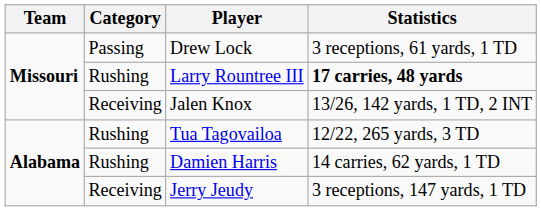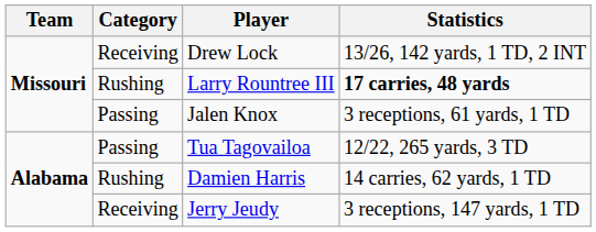 <table class="wikitable" style="float: right;">
 <tr>
 <th>Team</th>
 <th>Category</th>
 <th>Player</th>
 <th>Statistics</th>
 </tr>
 <tr>
 <td rowspan=3><strong>Missouri</strong></td>
-<td>Passing</td>
+<td>Receiving</td>
 <td>Drew Lock</td>
-<td>3 receptions, 61 yards, 1 TD</td>
+<td>13/26, 142 yards, 1 TD, 2 INT</td>
 </tr>
 <tr>
 <td>Rushing</td>
 <td><a href='#'>Larry Rountree III</a></td>
 <td><strong>17 carries, 48 yards</strong></td>
 </tr>
 <tr>
-<td>Receiving</td>
+<td>Passing</td>
 <td>Jalen Knox</td>
-<td>13/26, 142 yards, 1 TD, 2 INT</td>
+<td>3 receptions, 61 yards, 1 TD</td>
 </tr>
 <tr>
 <td rowspan=3><strong>Alabama</strong></td>
-<td>Rushing</td>
+<td>Passing</td>
 <td><a href='#'>Tua Tagovailoa</a></td>
 <td>12/22, 265 yards, 3 TD</td>
 </tr>
 <tr>
 <td>Rushing</td>
 <td><a href='#'>Damien Harris</a></td>
 <td>14 carries, 62 yards, 1 TD</td>
 </tr>
 <tr>
 <td>Receiving</td>
 <td><a href='#'>Jerry Jeudy</a></td>
 <td>3 receptions, 147 yards, 1 TD</td>
 </tr>
 </table>
